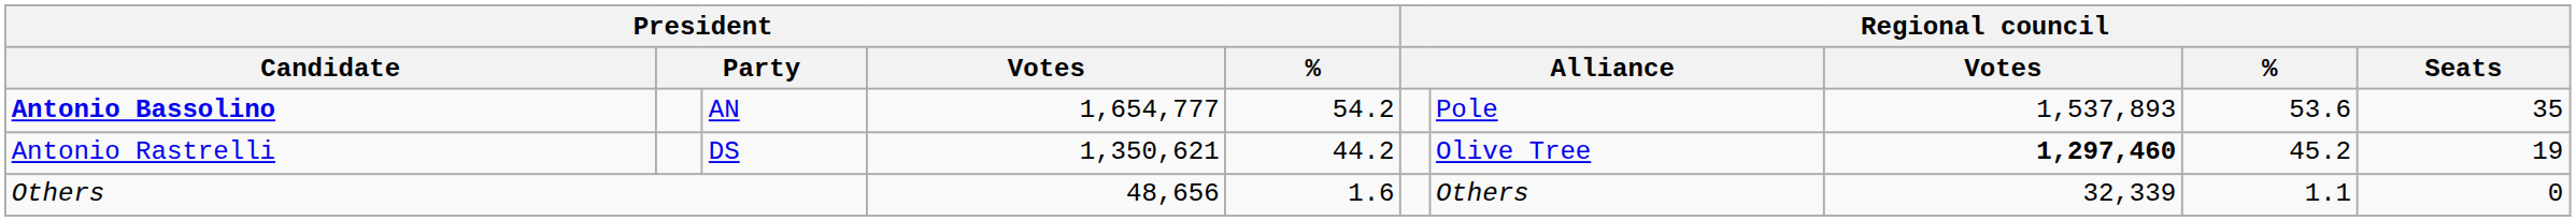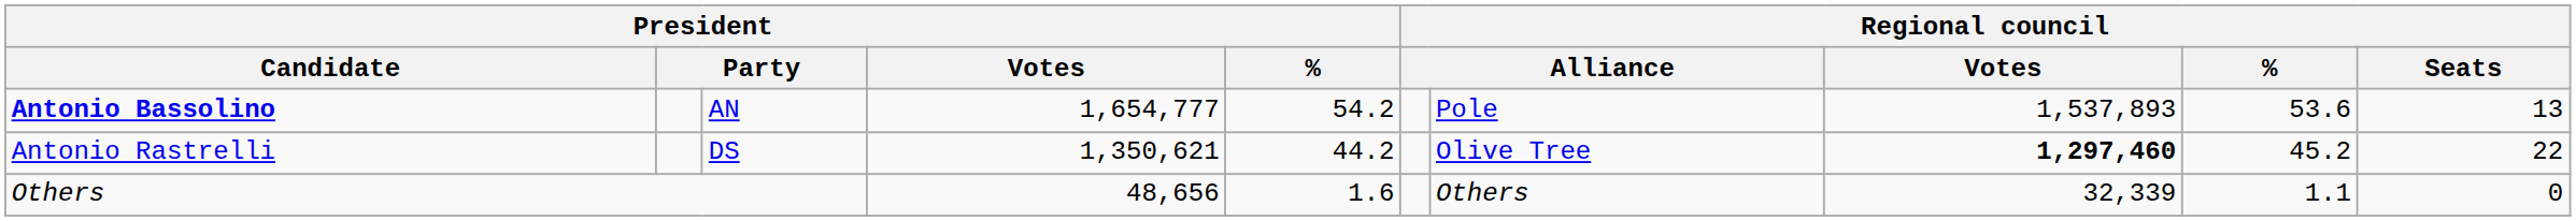 <table class="wikitable" style="text-align:right; style="width=65%">
 <tr>
 <th colspan="5">President</th>
 <th colspan="7">Regional council</th>
 </tr>
 <tr>
 <th>Candidate</th>
 <th colspan="2">Party</th>
 <th>Votes</th>
 <th>%</th>
 <th colspan="2">Alliance</th>
 <th>Votes</th>
 <th>%</th>
 <th>Seats</th>
 </tr>
 <tr>
 <td style="text-align:left"><strong><a href='#'>Antonio Bassolino</a></strong></td>
 <td></td>
 <td style="text-align:left"><a href='#'>AN</a></td>
 <td>1,654,777</td>
 <td>54.2</td>
 <td></td>
 <td style="text-align:left"><a href='#'>Pole</a></td>
 <td>1,537,893</td>
 <td>53.6</td>
-<td>35</td>
+<td>13</td>
 </tr>
 <tr>
 <td style="text-align:left"><a href='#'>Antonio Rastrelli</a></td>
 <td></td>
 <td style="text-align:left"><a href='#'>DS</a></td>
 <td>1,350,621</td>
 <td>44.2</td>
 <td></td>
 <td style="text-align:left"><a href='#'>Olive Tree</a></td>
 <td><strong>1,297,460</strong></td>
 <td>45.2</td>
-<td>19</td>
+<td>22</td>
 </tr>
 <tr>
 <td colspan="3" style="text-align:left"><em>Others</em></td>
 <td>48,656</td>
 <td>1.6</td>
 <td></td>
 <td style="text-align:left"><em>Others</em></td>
 <td>32,339</td>
 <td>1.1</td>
 <td>0</td>
 </tr>
 </table>
